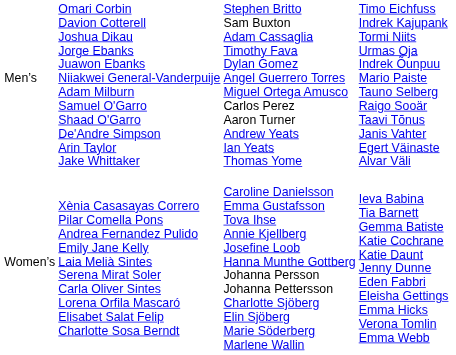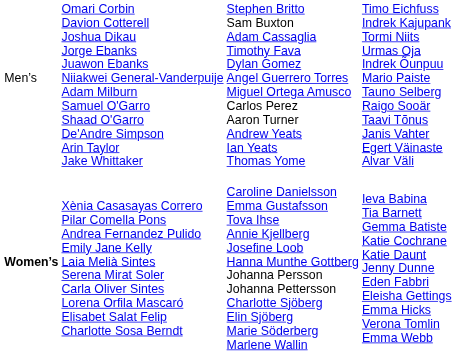 <table>
 <tr>
 <td>Men’s</td>
 <td><br><a href='#'>Omari Corbin</a><br><a href='#'>Davion Cotterell</a><br><a href='#'>Joshua Dikau</a><br><a href='#'>Jorge Ebanks</a><br><a href='#'>Juawon Ebanks</a><br><a href='#'>Niiakwei General-Vanderpuije</a><br><a href='#'>Adam Milburn</a><br><a href='#'>Samuel O'Garro</a><br><a href='#'>Shaad O'Garro</a><br><a href='#'>De'Andre Simpson</a><br><a href='#'>Arin Taylor</a><br><a href='#'>Jake Whittaker</a></td>
 <td><br><a href='#'>Stephen Britto</a><br>Sam Buxton<br><a href='#'>Adam Cassaglia</a><br><a href='#'>Timothy Fava</a><br><a href='#'>Dylan Gomez</a><br><a href='#'>Angel Guerrero Torres</a><br><a href='#'>Miguel Ortega Amusco</a><br>Carlos Perez<br>Aaron Turner<br><a href='#'>Andrew Yeats</a><br><a href='#'>Ian Yeats</a><br><a href='#'>Thomas Yome</a></td>
 <td><br><a href='#'>Timo Eichfuss</a><br><a href='#'>Indrek Kajupank</a><br><a href='#'>Tormi Niits</a><br><a href='#'>Urmas Oja</a><br><a href='#'>Indrek Õunpuu</a><br><a href='#'>Mario Paiste</a><br><a href='#'>Tauno Selberg</a><br><a href='#'>Raigo Sooär</a><br><a href='#'>Taavi Tõnus</a><br><a href='#'>Janis Vahter</a><br><a href='#'>Egert Väinaste</a><br><a href='#'>Alvar Väli</a></td>
 </tr>
 <tr>
-<td>Women’s</td>
+<td><strong>Women’s</strong></td>
 <td><br><a href='#'>Xènia Casasayas Correro</a><br><a href='#'>Pilar Comella Pons</a><br><a href='#'>Andrea Fernandez Pulido</a><br><a href='#'>Emily Jane Kelly</a><br><a href='#'>Laia Melià Sintes</a><br><a href='#'>Serena Mirat Soler</a><br><a href='#'>Carla Oliver Sintes</a><br><a href='#'>Lorena Orfila Mascaró</a><br><a href='#'>Elisabet Salat Felip</a><br><a href='#'>Charlotte Sosa Berndt</a></td>
 <td><br><a href='#'>Caroline Danielsson</a><br><a href='#'>Emma Gustafsson</a><br><a href='#'>Tova Ihse</a><br><a href='#'>Annie Kjellberg</a><br><a href='#'>Josefine Loob</a><br><a href='#'>Hanna Munthe Gottberg</a><br>Johanna Persson<br>Johanna Pettersson<br><a href='#'>Charlotte Sjöberg</a><br><a href='#'>Elin Sjöberg</a><br><a href='#'>Marie Söderberg</a><br><a href='#'>Marlene Wallin</a></td>
 <td><br><a href='#'>Ieva Babina</a><br><a href='#'>Tia Barnett</a><br><a href='#'>Gemma Batiste</a><br><a href='#'>Katie Cochrane</a><br><a href='#'>Katie Daunt</a><br><a href='#'>Jenny Dunne</a><br><a href='#'>Eden Fabbri</a><br><a href='#'>Eleisha Gettings</a><br><a href='#'>Emma Hicks</a><br><a href='#'>Verona Tomlin</a><br><a href='#'>Emma Webb</a></td>
 </tr>
 <tr>
 </tr>
 </table>
